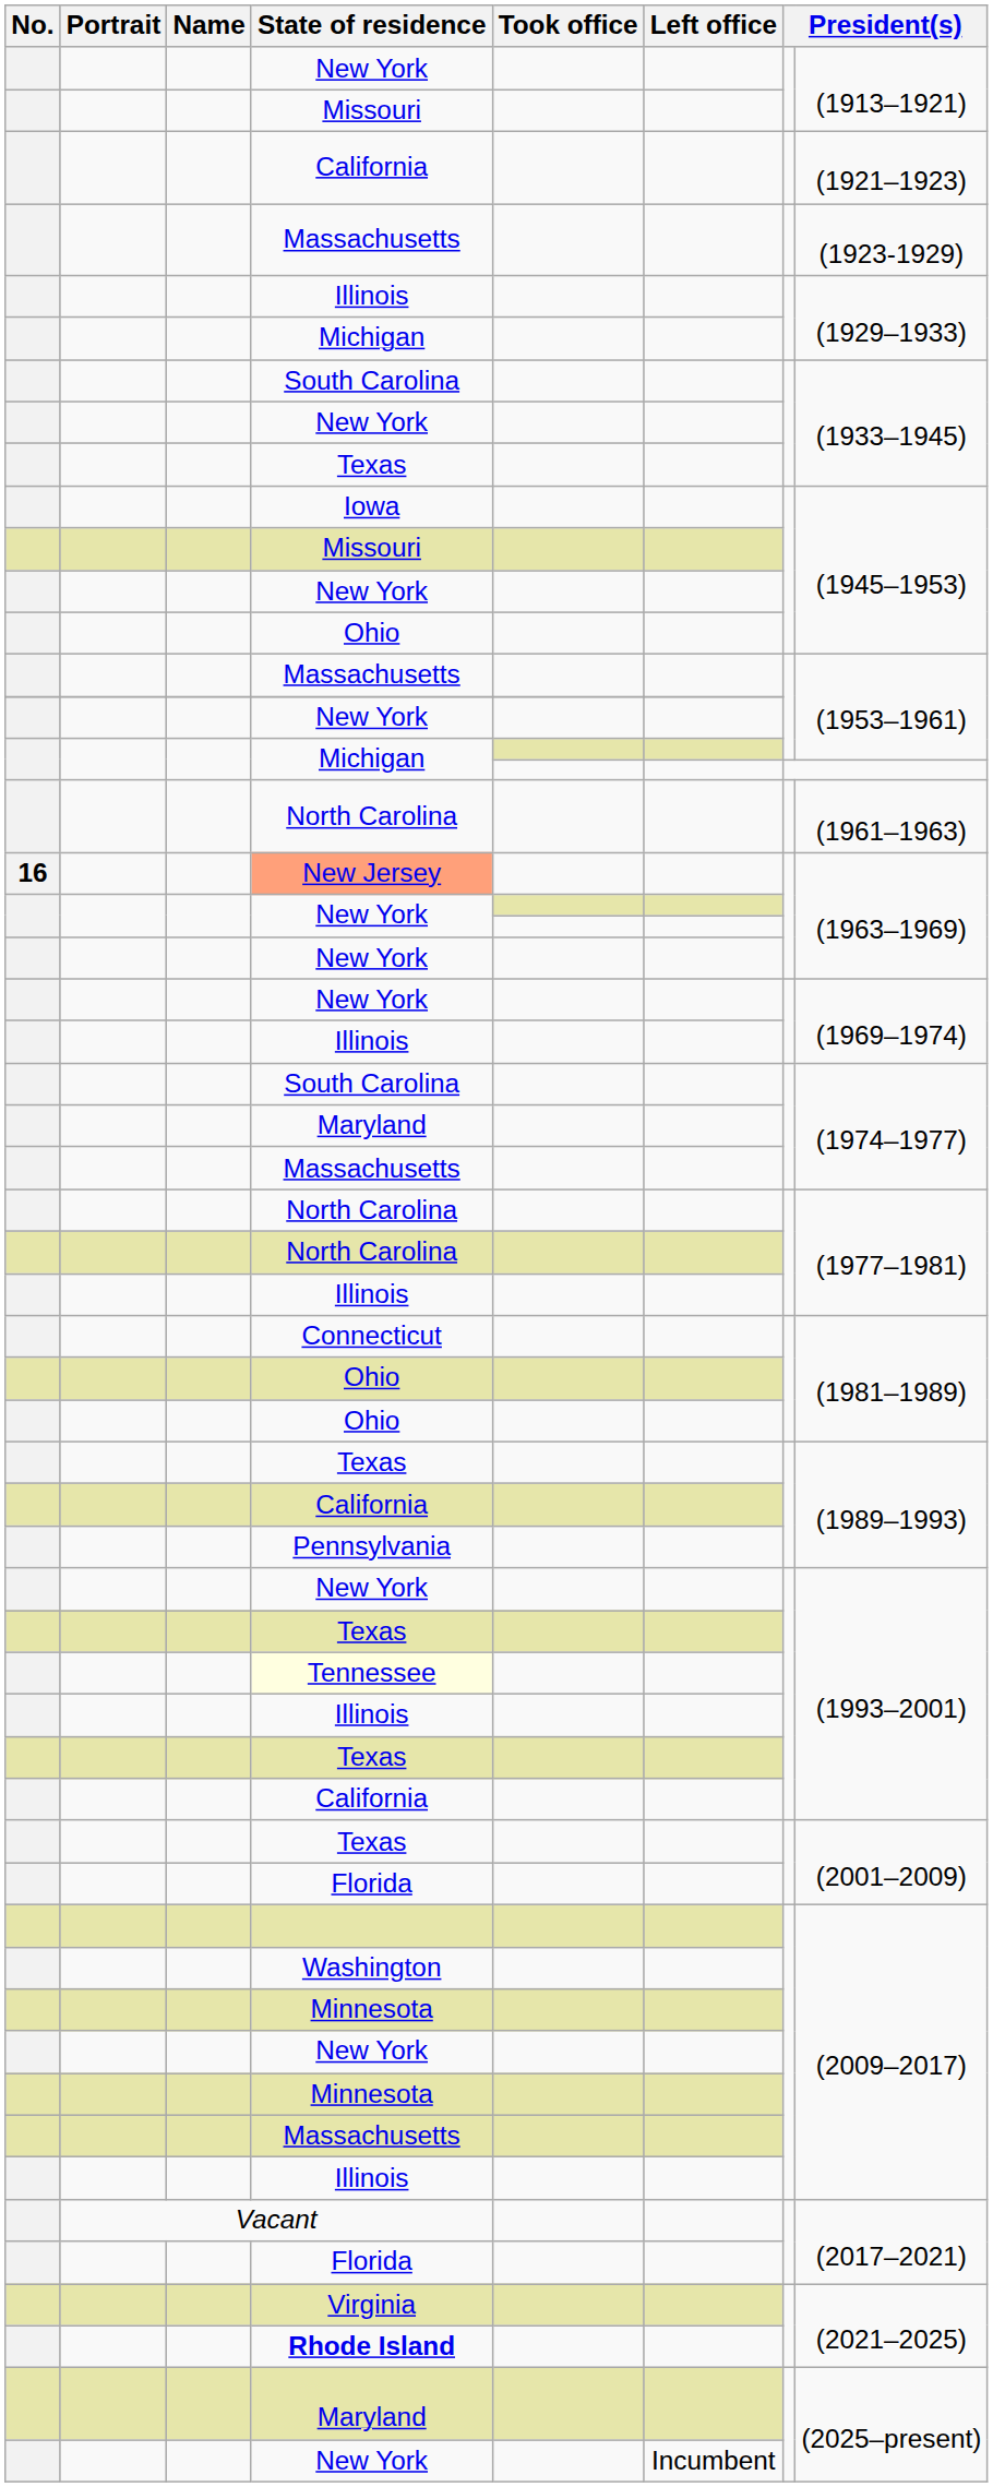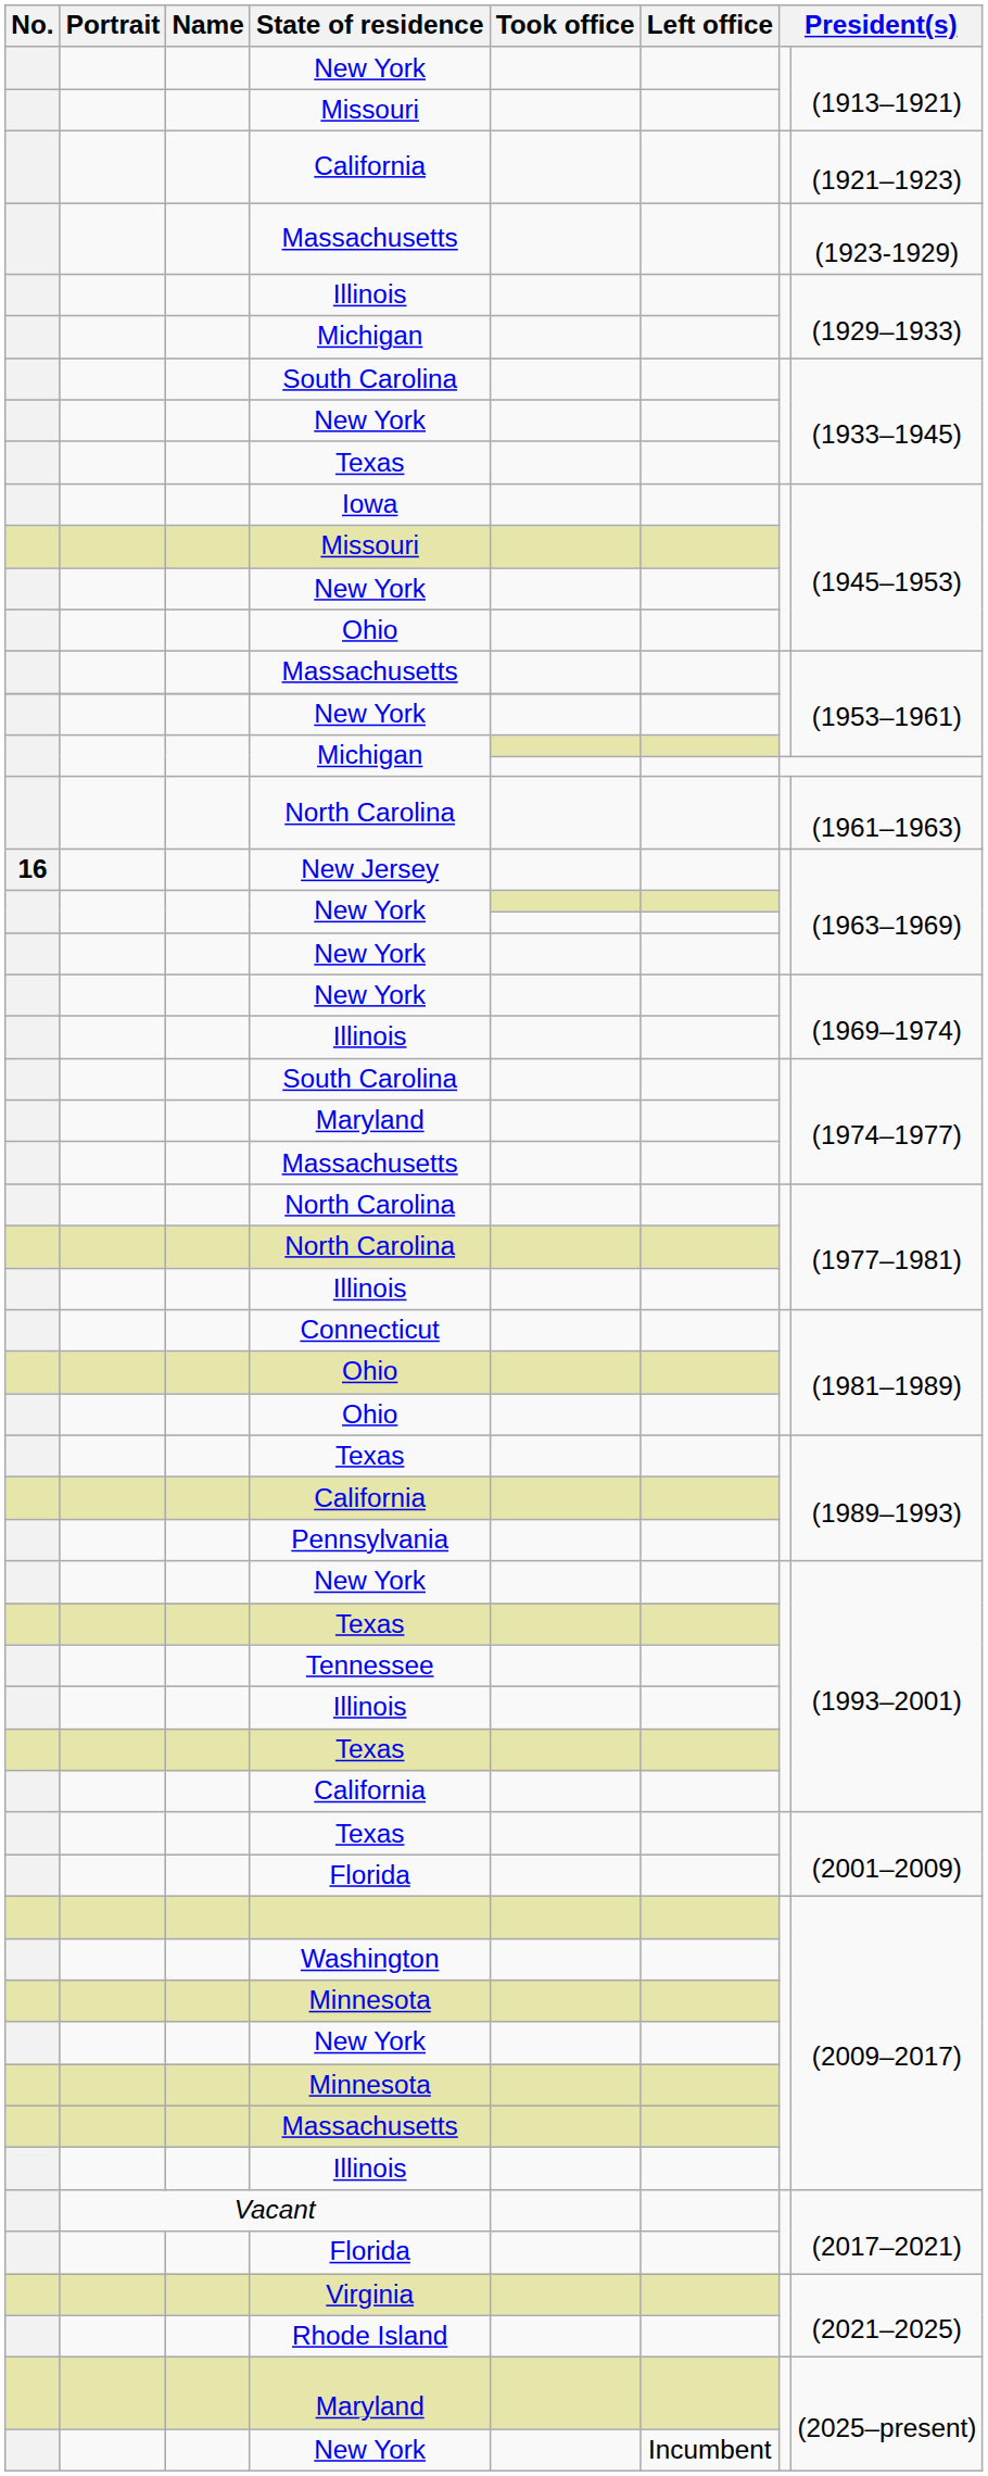 <table class="wikitable sortable" style="clear:left; text-align:center">
 <tr>
 <th>No.</th>
 <th class=unsortable>Portrait</th>
 <th>Name</th>
 <th>State of residence</th>
 <th>Took office</th>
 <th>Left office</th>
 <th colspan=2><a href='#'>President(s)</a></th>
 </tr>
 <tr>
 <th style="background: "></th>
 <td></td>
 <td></td>
 <td><a href='#'>New York</a></td>
 <td></td>
 <td></td>
 <td rowspan=2 style="background: "></td>
 <td rowspan=2><br>(1913–1921)</td>
 </tr>
 <tr>
 <th style="background: "></th>
 <td></td>
 <td></td>
 <td><a href='#'>Missouri</a></td>
 <td></td>
 <td></td>
 </tr>
 <tr>
 <th rowspan=2 style="background: "></th>
 <td rowspan=2></td>
 <td rowspan=2></td>
 <td rowspan=2><a href='#'>California</a></td>
 <td rowspan=2></td>
 <td rowspan=2></td>
 <td style="background: "></td>
 <td><br>(1921–1923)</td>
 </tr>
 <tr>
 <td rowspan=2 style="background: "></td>
 <td rowspan=2><br>(1923-1929)</td>
 </tr>
 <tr>
 <th style="background: "></th>
 <td></td>
 <td></td>
 <td><a href='#'>Massachusetts</a></td>
 <td></td>
 <td></td>
 </tr>
 <tr>
 <th style="background: "></th>
 <td></td>
 <td></td>
 <td><a href='#'>Illinois</a></td>
 <td></td>
 <td></td>
 <td rowspan=2 style="background: "></td>
 <td rowspan=2><br>(1929–1933)</td>
 </tr>
 <tr>
 <th style="background: "></th>
 <td></td>
 <td></td>
 <td><a href='#'>Michigan</a></td>
 <td></td>
 <td></td>
 </tr>
 <tr>
 <th style="background: "></th>
 <td></td>
 <td></td>
 <td><a href='#'>South Carolina</a></td>
 <td></td>
 <td></td>
 <td rowspan=4 style="background: "></td>
 <td rowspan=4><br>(1933–1945)</td>
 </tr>
 <tr>
 <th style="background: "></th>
 <td></td>
 <td></td>
 <td><a href='#'>New York</a></td>
 <td></td>
 <td></td>
 </tr>
 <tr>
 <th style="background: "></th>
 <td></td>
 <td></td>
 <td><a href='#'>Texas</a></td>
 <td></td>
 <td></td>
 </tr>
 <tr>
 <th rowspan=2 style="background: "></th>
 <td rowspan=2></td>
 <td rowspan=2></td>
 <td rowspan=2><a href='#'>Iowa</a></td>
 <td rowspan=2></td>
 <td rowspan=2></td>
 </tr>
 <tr>
 <td rowspan=4 style="background: "></td>
 <td rowspan=4><br>(1945–1953)</td>
 </tr>
 <tr>
 <th style="background:#E6E6AA;"></th>
 <td style="background:#E6E6AA;"></td>
 <td style="background:#E6E6AA;"><br></td>
 <td style="background:#E6E6AA;"><a href='#'>Missouri</a></td>
 <td style="background:#E6E6AA;"></td>
 <td style="background:#E6E6AA;"></td>
 </tr>
 <tr>
 <th style="background: "></th>
 <td></td>
 <td></td>
 <td><a href='#'>New York</a></td>
 <td></td>
 <td></td>
 </tr>
 <tr>
 <th style="background: "></th>
 <td></td>
 <td></td>
 <td><a href='#'>Ohio</a></td>
 <td></td>
 <td></td>
 </tr>
 <tr>
 <th style="background: "></th>
 <td></td>
 <td></td>
 <td><a href='#'>Massachusetts</a></td>
 <td></td>
 <td></td>
 <td rowspan=4 style="background: "></td>
 <td rowspan=4><br>(1953–1961)</td>
 </tr>
 <tr style="background:#e6e6aa;">
 </tr>
 <tr>
 <th style="background: "></th>
 <td></td>
 <td></td>
 <td><a href='#'>New York</a></td>
 <td></td>
 <td></td>
 </tr>
 <tr>
 <th rowspan=2 style="background: "></th>
 <td rowspan=2></td>
 <td rowspan=2></td>
 <td rowspan=2><a href='#'>Michigan</a></td>
 <td style="background:#E6E6AA;"></td>
 <td style="background:#E6E6AA;"></td>
 </tr>
 <tr>
 <td></td>
 <td></td>
 </tr>
 <tr>
 <th rowspan=2 style="background: "></th>
 <td rowspan=2></td>
 <td rowspan=2></td>
 <td rowspan=2><a href='#'>North Carolina</a></td>
 <td rowspan=2></td>
 <td rowspan=2></td>
 <td style="background: "></td>
 <td><br>(1961–1963)</td>
 </tr>
 <tr>
 <td rowspan=5 style="background: "></td>
 <td rowspan=5><br>(1963–1969)</td>
 </tr>
 <tr>
 <th>16</th>
 <td></td>
 <td></td>
-<td style="background: lightsalmon;"><a href='#'>New Jersey</a></td>
+<td><a href='#'>New Jersey</a></td>
 <td></td>
 <td></td>
 </tr>
 <tr>
 <th rowspan=2 style="background: "></th>
 <td rowspan=2></td>
 <td rowspan=2></td>
 <td rowspan=2><a href='#'>New York</a></td>
 <td style="background:#E6E6AA;"></td>
 <td style="background:#E6E6AA;"></td>
 </tr>
 <tr>
 <td></td>
 <td></td>
 </tr>
 <tr>
 <th style="background: "></th>
 <td></td>
 <td></td>
 <td><a href='#'>New York</a></td>
 <td></td>
 <td></td>
 </tr>
 <tr>
 <th style="background: "></th>
 <td></td>
 <td></td>
 <td><a href='#'>New York</a></td>
 <td></td>
 <td></td>
 <td rowspan=3 style="background: "></td>
 <td rowspan=3><br>(1969–1974)</td>
 </tr>
 <tr>
 <th style="background: "></th>
 <td></td>
 <td></td>
 <td><a href='#'>Illinois</a></td>
 <td></td>
 <td></td>
 </tr>
 <tr>
 <th rowspan=2 style="background: "></th>
 <td rowspan=2></td>
 <td rowspan=2></td>
 <td rowspan=2><a href='#'>South Carolina</a></td>
 <td rowspan=2></td>
 <td rowspan=2></td>
 </tr>
 <tr>
 <td rowspan=3 style="background: "></td>
 <td rowspan=3><br>(1974–1977)</td>
 </tr>
 <tr>
 <th style="background: "></th>
 <td></td>
 <td></td>
 <td><a href='#'>Maryland</a></td>
 <td></td>
 <td></td>
 </tr>
 <tr>
 <th style="background: "></th>
 <td></td>
 <td></td>
 <td><a href='#'>Massachusetts</a></td>
 <td></td>
 <td></td>
 </tr>
 <tr>
 <th style="background: "></th>
 <td></td>
 <td></td>
 <td><a href='#'>North Carolina</a></td>
 <td></td>
 <td></td>
 <td rowspan=3 style="background: "></td>
 <td rowspan=3><br>(1977–1981)</td>
 </tr>
 <tr>
 <th style="background:#E6E6AA;"></th>
 <td style="background:#E6E6AA;"></td>
 <td style="background:#E6E6AA;"><br></td>
 <td style="background:#E6E6AA;"><a href='#'>North Carolina</a></td>
 <td style="background:#E6E6AA;"></td>
 <td style="background:#E6E6AA;"></td>
 </tr>
 <tr>
 <th style="background: "></th>
 <td></td>
 <td></td>
 <td><a href='#'>Illinois</a></td>
 <td></td>
 <td></td>
 </tr>
 <tr>
 <th style="background: "></th>
 <td></td>
 <td></td>
 <td><a href='#'>Connecticut</a></td>
 <td></td>
 <td></td>
 <td rowspan=3 style="background: "></td>
 <td rowspan=3><br>(1981–1989)</td>
 </tr>
 <tr>
 <th style="background:#E6E6AA;"></th>
 <td style="background:#E6E6AA;"></td>
 <td style="background:#E6E6AA;"><br></td>
 <td style="background:#E6E6AA;"><a href='#'>Ohio</a></td>
 <td style="background:#E6E6AA;"></td>
 <td style="background:#E6E6AA;"></td>
 </tr>
 <tr>
 <th style="background: "></th>
 <td></td>
 <td></td>
 <td><a href='#'>Ohio</a></td>
 <td></td>
 <td></td>
 </tr>
 <tr>
 <th style="background: "></th>
 <td></td>
 <td></td>
 <td><a href='#'>Texas</a></td>
 <td></td>
 <td></td>
 <td rowspan=3 style="background: "></td>
 <td rowspan=3><br>(1989–1993)</td>
 </tr>
 <tr>
 <th style="background:#E6E6AA;"></th>
 <td style="background:#E6E6AA;"></td>
 <td style="background:#E6E6AA;"><br></td>
 <td style="background:#E6E6aa;"><a href='#'>California</a></td>
 <td style="background:#E6E6AA;"></td>
 <td style="background:#E6E6AA;"></td>
 </tr>
 <tr>
 <th style="background: "></th>
 <td></td>
 <td></td>
 <td><a href='#'>Pennsylvania</a></td>
 <td></td>
 <td></td>
 </tr>
 <tr>
 <th style="background: "></th>
 <td></td>
 <td></td>
 <td><a href='#'>New York</a></td>
 <td></td>
 <td></td>
 <td rowspan=6 style="background: "></td>
 <td rowspan=6><br>(1993–2001)</td>
 </tr>
 <tr>
 <th style="background:#E6E6AA;"></th>
 <td style="background:#E6E6AA;"></td>
 <td style="background:#E6E6AA;"><br></td>
 <td style="background:#e6e6aa;"><a href='#'>Texas</a></td>
 <td style="background:#E6E6AA;"></td>
 <td style="background:#E6E6AA;"></td>
 </tr>
 <tr>
 <th style="background: "></th>
 <td></td>
 <td></td>
-<td style="background: lightyellow;"><a href='#'>Tennessee</a></td>
+<td><a href='#'>Tennessee</a></td>
 <td></td>
 <td></td>
 </tr>
 <tr>
 <th style="background: "></th>
 <td></td>
 <td></td>
 <td><a href='#'>Illinois</a></td>
 <td></td>
 <td></td>
 </tr>
 <tr>
 <th style="background:#E6E6AA;"></th>
 <td style="background:#E6E6AA;"></td>
 <td style="background:#E6E6AA;"><br></td>
 <td style="background:#E6E6AA;"><a href='#'>Texas</a></td>
 <td style="background:#E6E6AA;"></td>
 <td style="background:#E6E6AA;"></td>
 </tr>
 <tr>
 <th style="background: "></th>
 <td></td>
 <td></td>
 <td><a href='#'>California</a></td>
 <td></td>
 <td></td>
 </tr>
 <tr>
 <th style="background: "></th>
 <td></td>
 <td></td>
 <td><a href='#'>Texas</a></td>
 <td></td>
 <td></td>
 <td rowspan=2 style="background: "></td>
 <td rowspan=2><br>(2001–2009)</td>
 </tr>
 <tr>
 <th style="background: "></th>
 <td></td>
 <td></td>
 <td><a href='#'>Florida</a></td>
 <td></td>
 <td></td>
 </tr>
 <tr>
 <th style="background:#E6E6AA;"></th>
 <td style="background:#E6E6AA;"></td>
 <td style="background:#E6E6AA;"><br></td>
 <td style="background:#E6E6AA;"></td>
 <td style="background:#E6E6AA;"></td>
 <td style="background:#E6E6AA;"></td>
 <td rowspan=7 style="background: "></td>
 <td rowspan=7><br>(2009–2017)</td>
 </tr>
 <tr>
 <th style="background: "></th>
 <td></td>
 <td></td>
 <td><a href='#'>Washington</a></td>
 <td></td>
 <td></td>
 </tr>
 <tr>
 <th style="background:#E6E6AA;"></th>
 <td style="background:#E6E6AA;"></td>
 <td style="background:#E6E6AA;"><br></td>
 <td style="background:#E6E6AA;"><a href='#'>Minnesota</a></td>
 <td style="background:#E6E6AA;"></td>
 <td style="background:#E6E6AA;"></td>
 </tr>
 <tr>
 <th style="background: "></th>
 <td></td>
 <td></td>
 <td><a href='#'>New York</a></td>
 <td></td>
 <td></td>
 </tr>
 <tr>
 <th style="background:#E6E6AA;"></th>
 <td style="background:#E6E6AA;"></td>
 <td style="background:#E6E6AA;"><br></td>
 <td style="background:#E6E6AA;"><a href='#'>Minnesota</a></td>
 <td style="background:#E6E6AA;"></td>
 <td style="background:#E6E6AA;"></td>
 </tr>
 <tr>
 <th style="background:#E6E6AA;"></th>
 <td style="background:#E6E6AA;"></td>
 <td style="background:#E6E6AA;"><br></td>
 <td style="background:#E6E6AA;"><a href='#'>Massachusetts</a></td>
 <td style="background:#e6e6aa;"></td>
 <td style="background:#e6e6aa;"></td>
 </tr>
 <tr>
 <th style="background: "></th>
 <td></td>
 <td></td>
 <td><a href='#'>Illinois</a></td>
 <td></td>
 <td></td>
 </tr>
 <tr>
 <th></th>
 <td colspan=3><em>Vacant</em></td>
 <td></td>
 <td></td>
 <td rowspan=2 style="background: "></td>
 <td rowspan=2><br>(2017–2021)</td>
 </tr>
 <tr>
 <th style="background: "></th>
 <td></td>
 <td></td>
 <td><a href='#'>Florida</a></td>
 <td></td>
 <td></td>
 </tr>
 <tr>
 <th style="background:#E6E6AA;"></th>
 <td style="background:#E6E6AA;"></td>
 <td style="background:#e6e6aa;"><br></td>
 <td style="background:#E6E6AA;"><a href='#'>Virginia</a></td>
 <td style="background:#E6E6AA;"></td>
 <td style="background:#E6E6AA;"></td>
 <td rowspan=2 style="background: "></td>
 <td rowspan=2><br>(2021–2025)</td>
 </tr>
 <tr>
 <th style="background: "></th>
 <td></td>
 <td></td>
-<td><strong><a href='#'>Rhode Island</a></strong></td>
+<td><a href='#'>Rhode Island</a></td>
 <td></td>
 <td></td>
 </tr>
 <tr>
 <th style="background:#E6E6AA;"></th>
 <td style="background:#E6E6AA;"></td>
 <td style="background:#e6e6aa;"><br></td>
 <td style="background:#E6E6AA;"><br><a href='#'>Maryland</a></td>
 <td style="background:#E6E6AA;"></td>
 <td style="background:#E6E6AA;"></td>
 <td rowspan=2 style="background: "></td>
 <td rowspan=2><br>(2025–present)</td>
 </tr>
 <tr>
 <th style="background: "></th>
 <td></td>
 <td></td>
 <td><a href='#'>New York</a></td>
 <td></td>
 <td>Incumbent</td>
 </tr>
 </table>
